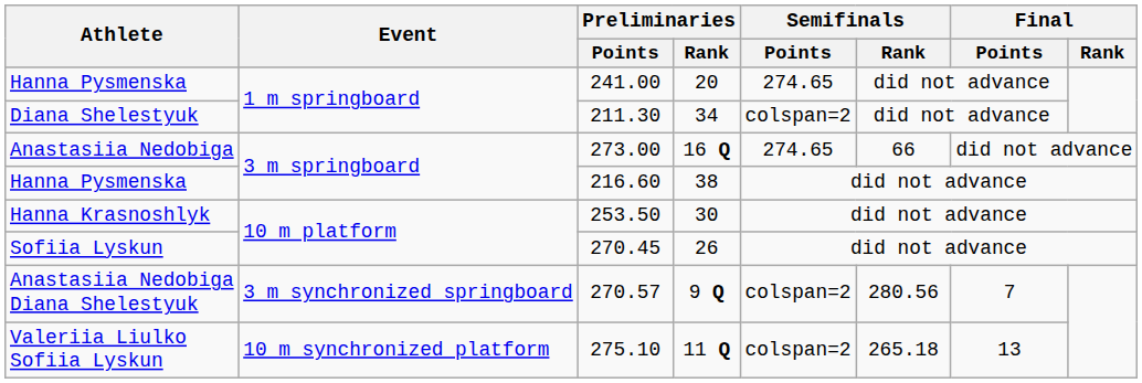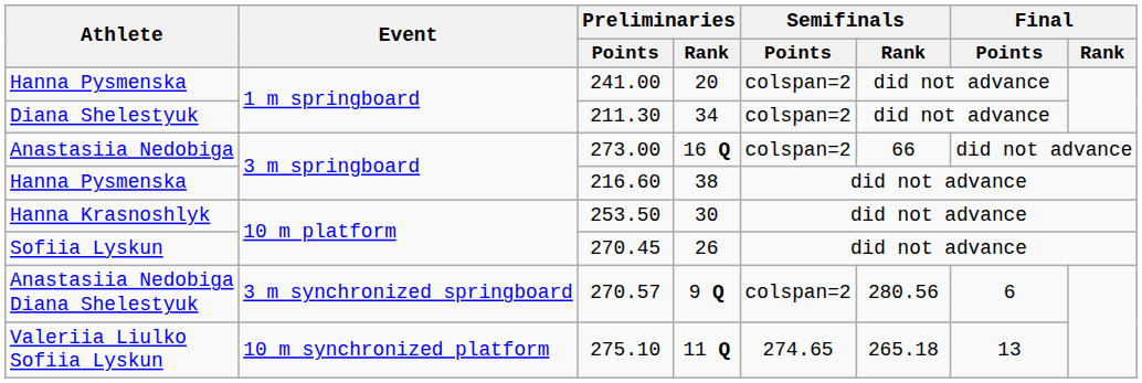 <table class=wikitable style="font-size:90%;">
 <tr>
 <th rowspan="2">Athlete</th>
 <th rowspan="2">Event</th>
 <th colspan="2">Preliminaries</th>
 <th colspan="2">Semifinals</th>
 <th colspan="2">Final</th>
 </tr>
 <tr style="font-size:95%">
 <th>Points</th>
 <th>Rank</th>
 <th>Points</th>
 <th>Rank</th>
 <th>Points</th>
 <th>Rank</th>
 </tr>
 <tr align=center>
 <td align=left><a href='#'>Hanna Pysmenska</a></td>
 <td align=left rowspan=2><a href='#'>1 m springboard</a></td>
 <td>241.00</td>
 <td>20</td>
-<td>274.65</td>
+<td>colspan=2 </td>
 <td colspan=2>did not advance</td>
 </tr>
 <tr align=center>
 <td align=left><a href='#'>Diana Shelestyuk</a></td>
 <td>211.30</td>
 <td>34</td>
 <td>colspan=2 </td>
 <td colspan=2>did not advance</td>
 </tr>
 <tr align=center>
 <td align=left><a href='#'>Anastasiia Nedobiga</a></td>
 <td align=left rowspan=2><a href='#'>3 m springboard</a></td>
 <td>273.00</td>
 <td>16 <strong>Q</strong></td>
-<td>274.65</td>
+<td>colspan=2 </td>
 <td>66</td>
 <td colspan=2>did not advance</td>
 </tr>
 <tr align=center>
 <td align=left><a href='#'>Hanna Pysmenska</a></td>
 <td>216.60</td>
 <td>38</td>
 <td colspan=4>did not advance</td>
 </tr>
 <tr align=center>
 <td align=left><a href='#'>Hanna Krasnoshlyk</a></td>
 <td align=left rowspan=2><a href='#'>10 m platform</a></td>
 <td>253.50</td>
 <td>30</td>
 <td colspan=4>did not advance</td>
 </tr>
 <tr align=center>
 <td align=left><a href='#'>Sofiia Lyskun</a></td>
 <td>270.45</td>
 <td>26</td>
 <td colspan=4>did not advance</td>
 </tr>
 <tr align=center>
 <td align=left><a href='#'>Anastasiia Nedobiga</a><br><a href='#'>Diana Shelestyuk</a></td>
 <td align=left><a href='#'>3 m synchronized springboard</a></td>
 <td>270.57</td>
 <td>9 <strong>Q</strong></td>
 <td>colspan=2 </td>
 <td>280.56</td>
-<td>7</td>
+<td>6</td>
 </tr>
 <tr align=center>
 <td align=left><a href='#'>Valeriia Liulko</a><br><a href='#'>Sofiia Lyskun</a></td>
 <td align=left><a href='#'>10 m synchronized platform</a></td>
 <td>275.10</td>
 <td>11 <strong>Q</strong></td>
-<td>colspan=2 </td>
+<td>274.65</td>
 <td>265.18</td>
 <td>13</td>
 </tr>
 </table>
